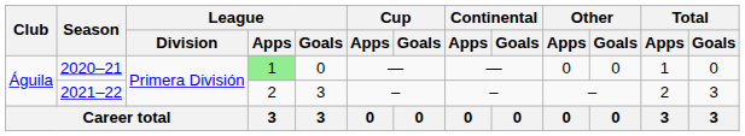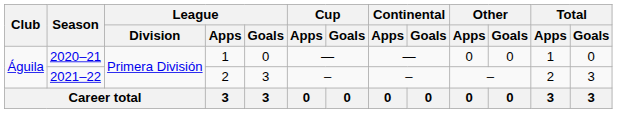 <table class="wikitable" Style="text-align: center">
 <tr>
 <th rowspan="2">Club</th>
 <th rowspan="2">Season</th>
 <th colspan="3">League</th>
 <th colspan="2">Cup</th>
 <th colspan="2">Continental</th>
 <th colspan="2">Other</th>
 <th colspan="2">Total</th>
 </tr>
 <tr>
 <th>Division</th>
 <th>Apps</th>
 <th>Goals</th>
 <th>Apps</th>
 <th>Goals</th>
 <th>Apps</th>
 <th>Goals</th>
 <th>Apps</th>
 <th>Goals</th>
 <th>Apps</th>
 <th>Goals</th>
 </tr>
 <tr>
 <td rowspan="2"><a href='#'>Águila</a></td>
 <td><a href='#'>2020–21</a></td>
 <td rowspan="2"><a href='#'>Primera División</a></td>
-<td style="background: lightgreen;">1</td>
+<td>1</td>
 <td>0</td>
 <td colspan="2">—</td>
 <td colspan="2">—</td>
 <td>0</td>
 <td>0</td>
 <td>1</td>
 <td>0</td>
 </tr>
 <tr>
 <td><a href='#'>2021–22</a></td>
 <td>2</td>
 <td>3</td>
 <td colspan="2">–</td>
 <td colspan="2">–</td>
 <td colspan="2">–</td>
 <td>2</td>
 <td>3</td>
 </tr>
 <tr>
 <th colspan="3">Career total</th>
 <th>3</th>
 <th>3</th>
 <th>0</th>
 <th>0</th>
 <th>0</th>
 <th>0</th>
 <th>0</th>
 <th>0</th>
 <th>3</th>
 <th>3</th>
 </tr>
 </table>
